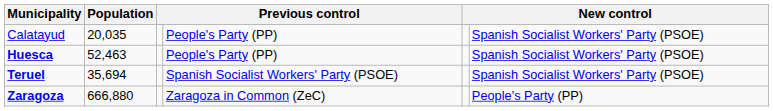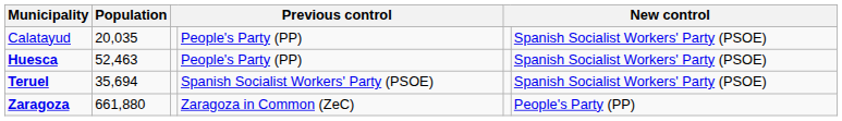 <table class="wikitable sortable">
 <tr>
 <th>Municipality</th>
 <th>Population</th>
 <th colspan="2" style="width:375px;">Previous control</th>
 <th colspan="2" style="width:375px;">New control</th>
 </tr>
 <tr>
 <td><a href='#'>Calatayud</a></td>
 <td>20,035</td>
 <td width="1" style="color:inherit;background:"></td>
 <td><a href='#'>People's Party</a> (PP)</td>
 <td width="1" style="color:inherit;background:"></td>
 <td><a href='#'>Spanish Socialist Workers' Party</a> (PSOE)</td>
 </tr>
 <tr>
 <td><strong><a href='#'>Huesca</a></strong></td>
 <td>52,463</td>
 <td style="color:inherit;background:"></td>
 <td><a href='#'>People's Party</a> (PP)</td>
 <td style="color:inherit;background:"></td>
 <td><a href='#'>Spanish Socialist Workers' Party</a> (PSOE)</td>
 </tr>
 <tr>
 <td><strong><a href='#'>Teruel</a></strong></td>
 <td>35,694</td>
 <td style="color:inherit;background:"></td>
 <td><a href='#'>Spanish Socialist Workers' Party</a> (PSOE)</td>
 <td style="color:inherit;background:"></td>
 <td><a href='#'>Spanish Socialist Workers' Party</a> (PSOE)</td>
 </tr>
 <tr>
 <td><strong><a href='#'>Zaragoza</a></strong></td>
-<td>666,880</td>
+<td>661,880</td>
 <td style="color:inherit;background:"></td>
 <td><a href='#'>Zaragoza in Common</a> (ZeC)</td>
 <td style="color:inherit;background:"></td>
 <td><a href='#'>People's Party</a> (PP)</td>
 </tr>
 </table>
